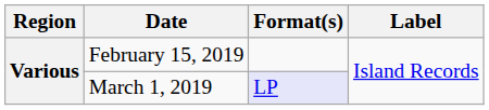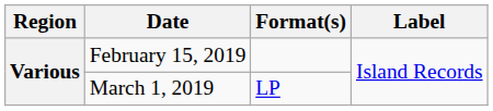 <table class="wikitable plainrowheaders">
 <tr>
 <th scope="col">Region</th>
 <th scope="col">Date</th>
 <th scope="col">Format(s)</th>
 <th scope="col">Label</th>
 </tr>
 <tr>
 <th scope="row" rowspan="2">Various</th>
 <td>February 15, 2019</td>
 <td></td>
 <td rowspan="2"><a href='#'>Island Records</a></td>
 </tr>
 <tr>
 <td>March 1, 2019</td>
-<td style="background: lavender;"><a href='#'>LP</a></td>
+<td><a href='#'>LP</a></td>
 </tr>
 </table>
